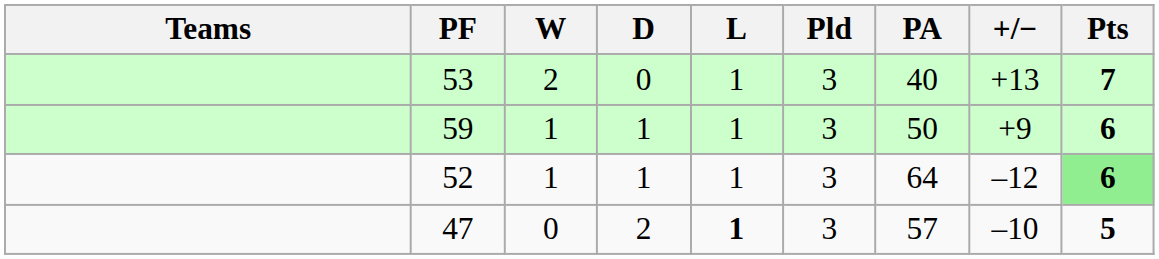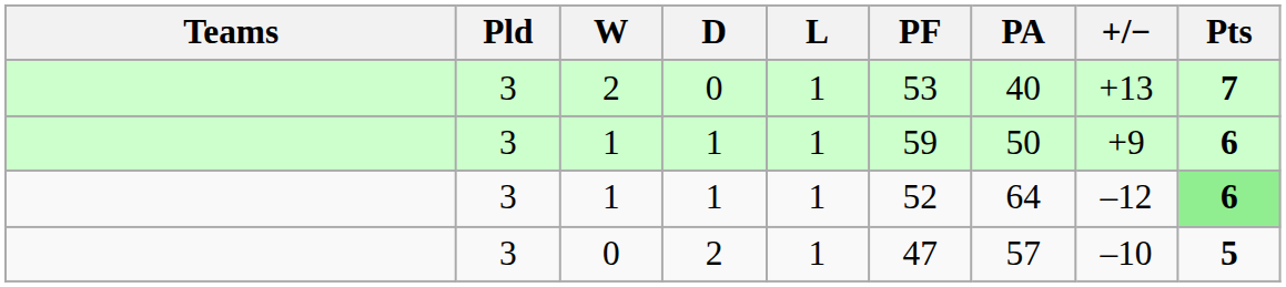 <table class="wikitable" style="text-align: center;">
 <tr>
 <th width="200">Teams</th>
-<th width="40">PF</th>
+<th width="40">Pld</th>
 <th width="40">W</th>
 <th width="40">D</th>
 <th width="40">L</th>
-<th width="40">Pld</th>
+<th width="40">PF</th>
 <th width="40">PA</th>
 <th width="40">+/−</th>
 <th width="40">Pts</th>
 </tr>
 <tr bgcolor=ccffcc>
 <td align="left"></td>
-<td>53</td>
+<td>3</td>
 <td>2</td>
 <td>0</td>
 <td>1</td>
-<td>3</td>
+<td>53</td>
 <td>40</td>
 <td>+13</td>
 <td><strong>7</strong></td>
 </tr>
 <tr bgcolor=ccffcc>
 <td align="left"></td>
-<td>59</td>
+<td>3</td>
 <td>1</td>
 <td>1</td>
 <td>1</td>
-<td>3</td>
+<td>59</td>
 <td>50</td>
 <td>+9</td>
 <td><strong>6</strong></td>
 </tr>
 <tr>
 <td align="left"></td>
-<td>52</td>
+<td>3</td>
 <td>1</td>
 <td>1</td>
 <td>1</td>
-<td>3</td>
+<td>52</td>
 <td>64</td>
 <td>–12</td>
 <td style="background: lightgreen;"><strong>6</strong></td>
 </tr>
 <tr>
 <td align="left"></td>
-<td>47</td>
+<td>3</td>
 <td>0</td>
 <td>2</td>
-<td><strong>1</strong></td>
-<td>3</td>
+<td>1</td>
+<td>47</td>
 <td>57</td>
 <td>–10</td>
 <td><strong>5</strong></td>
 </tr>
 </table>
